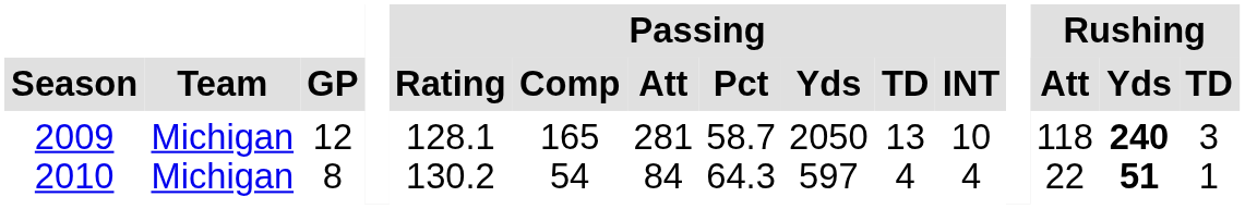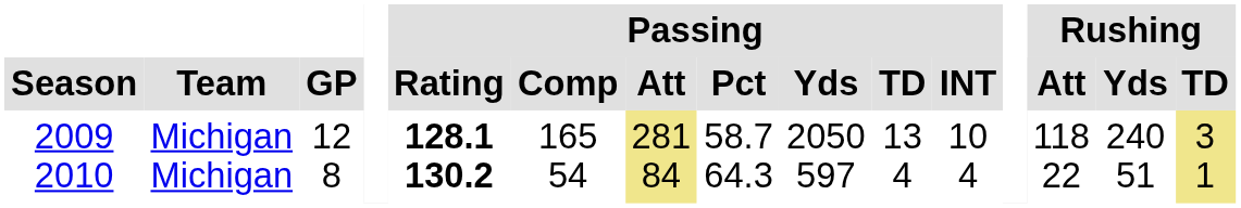 <table border="0" cellpadding="3" cellspacing="0" style="text-align:center">
 <tr style="background:#e0e0e0;">
 <th colspan="3" style="background:White;"> </th>
 <th rowspan="99" style="background:White;"> </th>
 <th colspan="7">Passing</th>
 <th rowspan="99" style="background:White;"> </th>
 <th colspan="3">Rushing</th>
 </tr>
 <tr style="background:#e0e0e0;">
 <th>Season</th>
 <th>Team</th>
 <th>GP</th>
 <th>Rating</th>
 <th>Comp</th>
 <th>Att</th>
 <th>Pct</th>
 <th>Yds</th>
 <th>TD</th>
 <th>INT</th>
 <th>Att</th>
 <th>Yds</th>
 <th>TD</th>
 </tr>
 <tr>
 <td><a href='#'>2009</a><br><a href='#'>2010</a></td>
 <td><a href='#'>Michigan</a><br><a href='#'>Michigan</a></td>
 <td>12<br>8</td>
-<td>128.1<br>130.2</td>
+<td><strong>128.1<br>130.2</strong></td>
 <td>165<br>54</td>
-<td>281<br>84</td>
+<td style="background: khaki;">281<br>84</td>
 <td>58.7<br>64.3</td>
 <td>2050<br>597</td>
 <td>13<br>4</td>
 <td>10<br>4</td>
 <td>118<br>22</td>
-<td><strong>240<br>51</strong></td>
-<td>3<br>1</td>
+<td>240<br>51</td>
+<td style="background: khaki;">3<br>1</td>
 </tr>
 <tr>
 </tr>
 </table>
